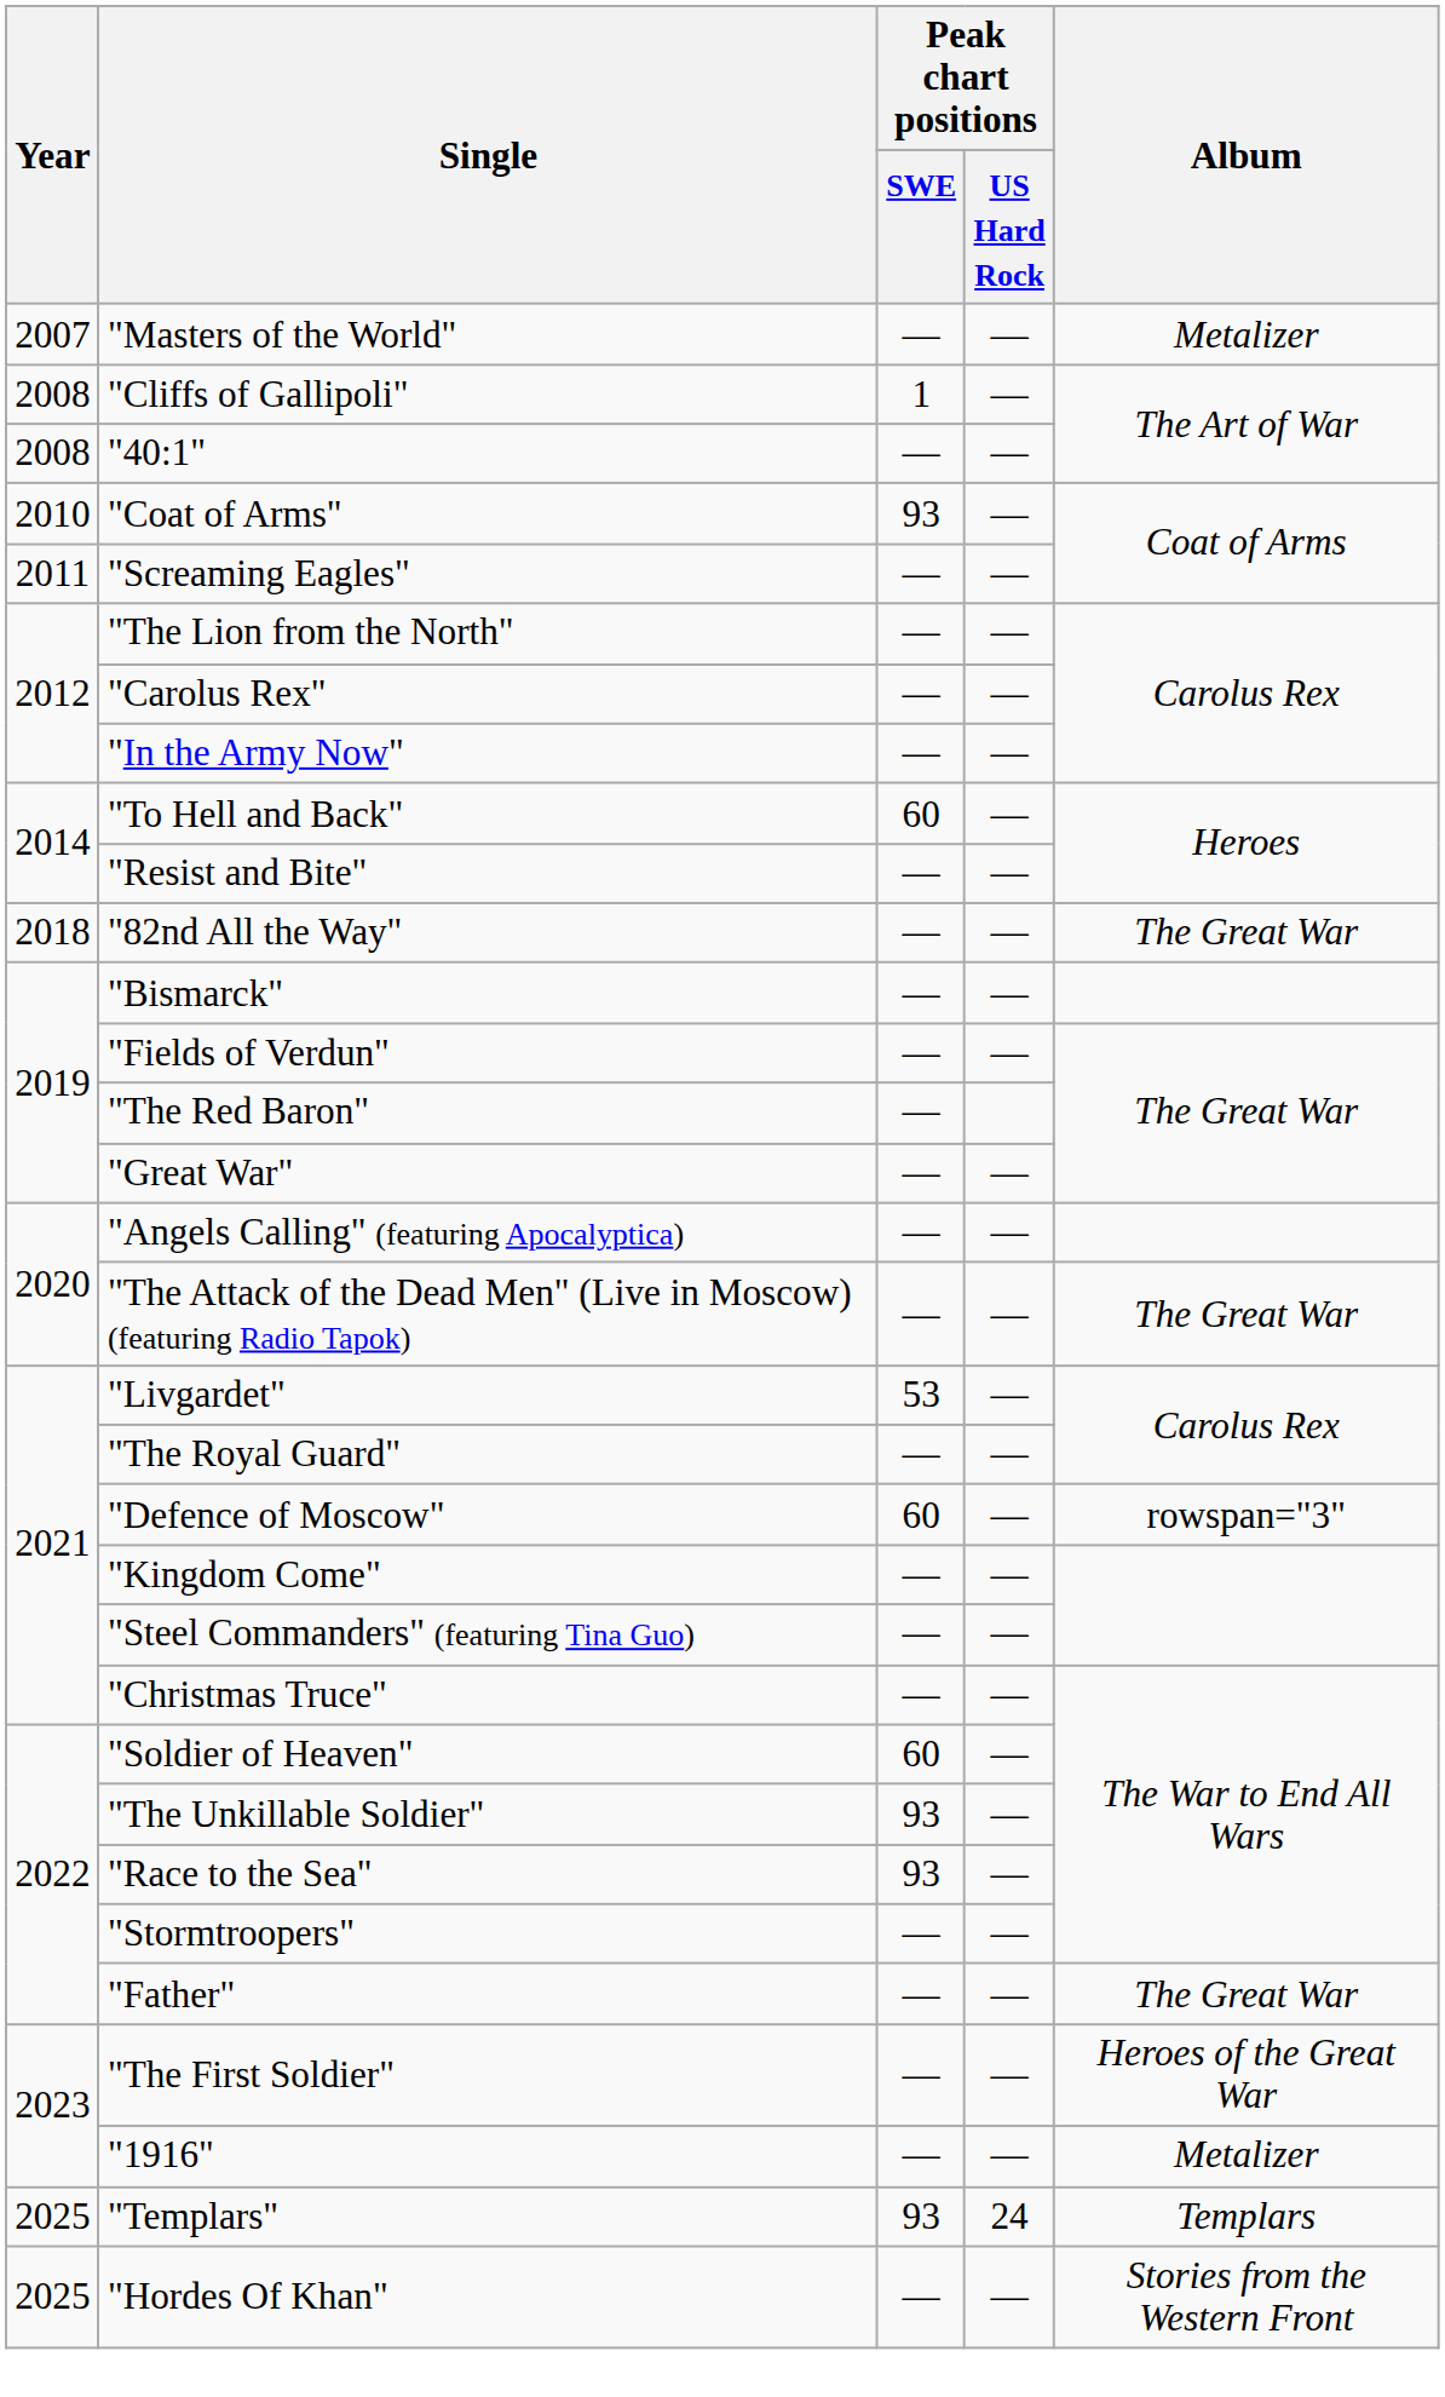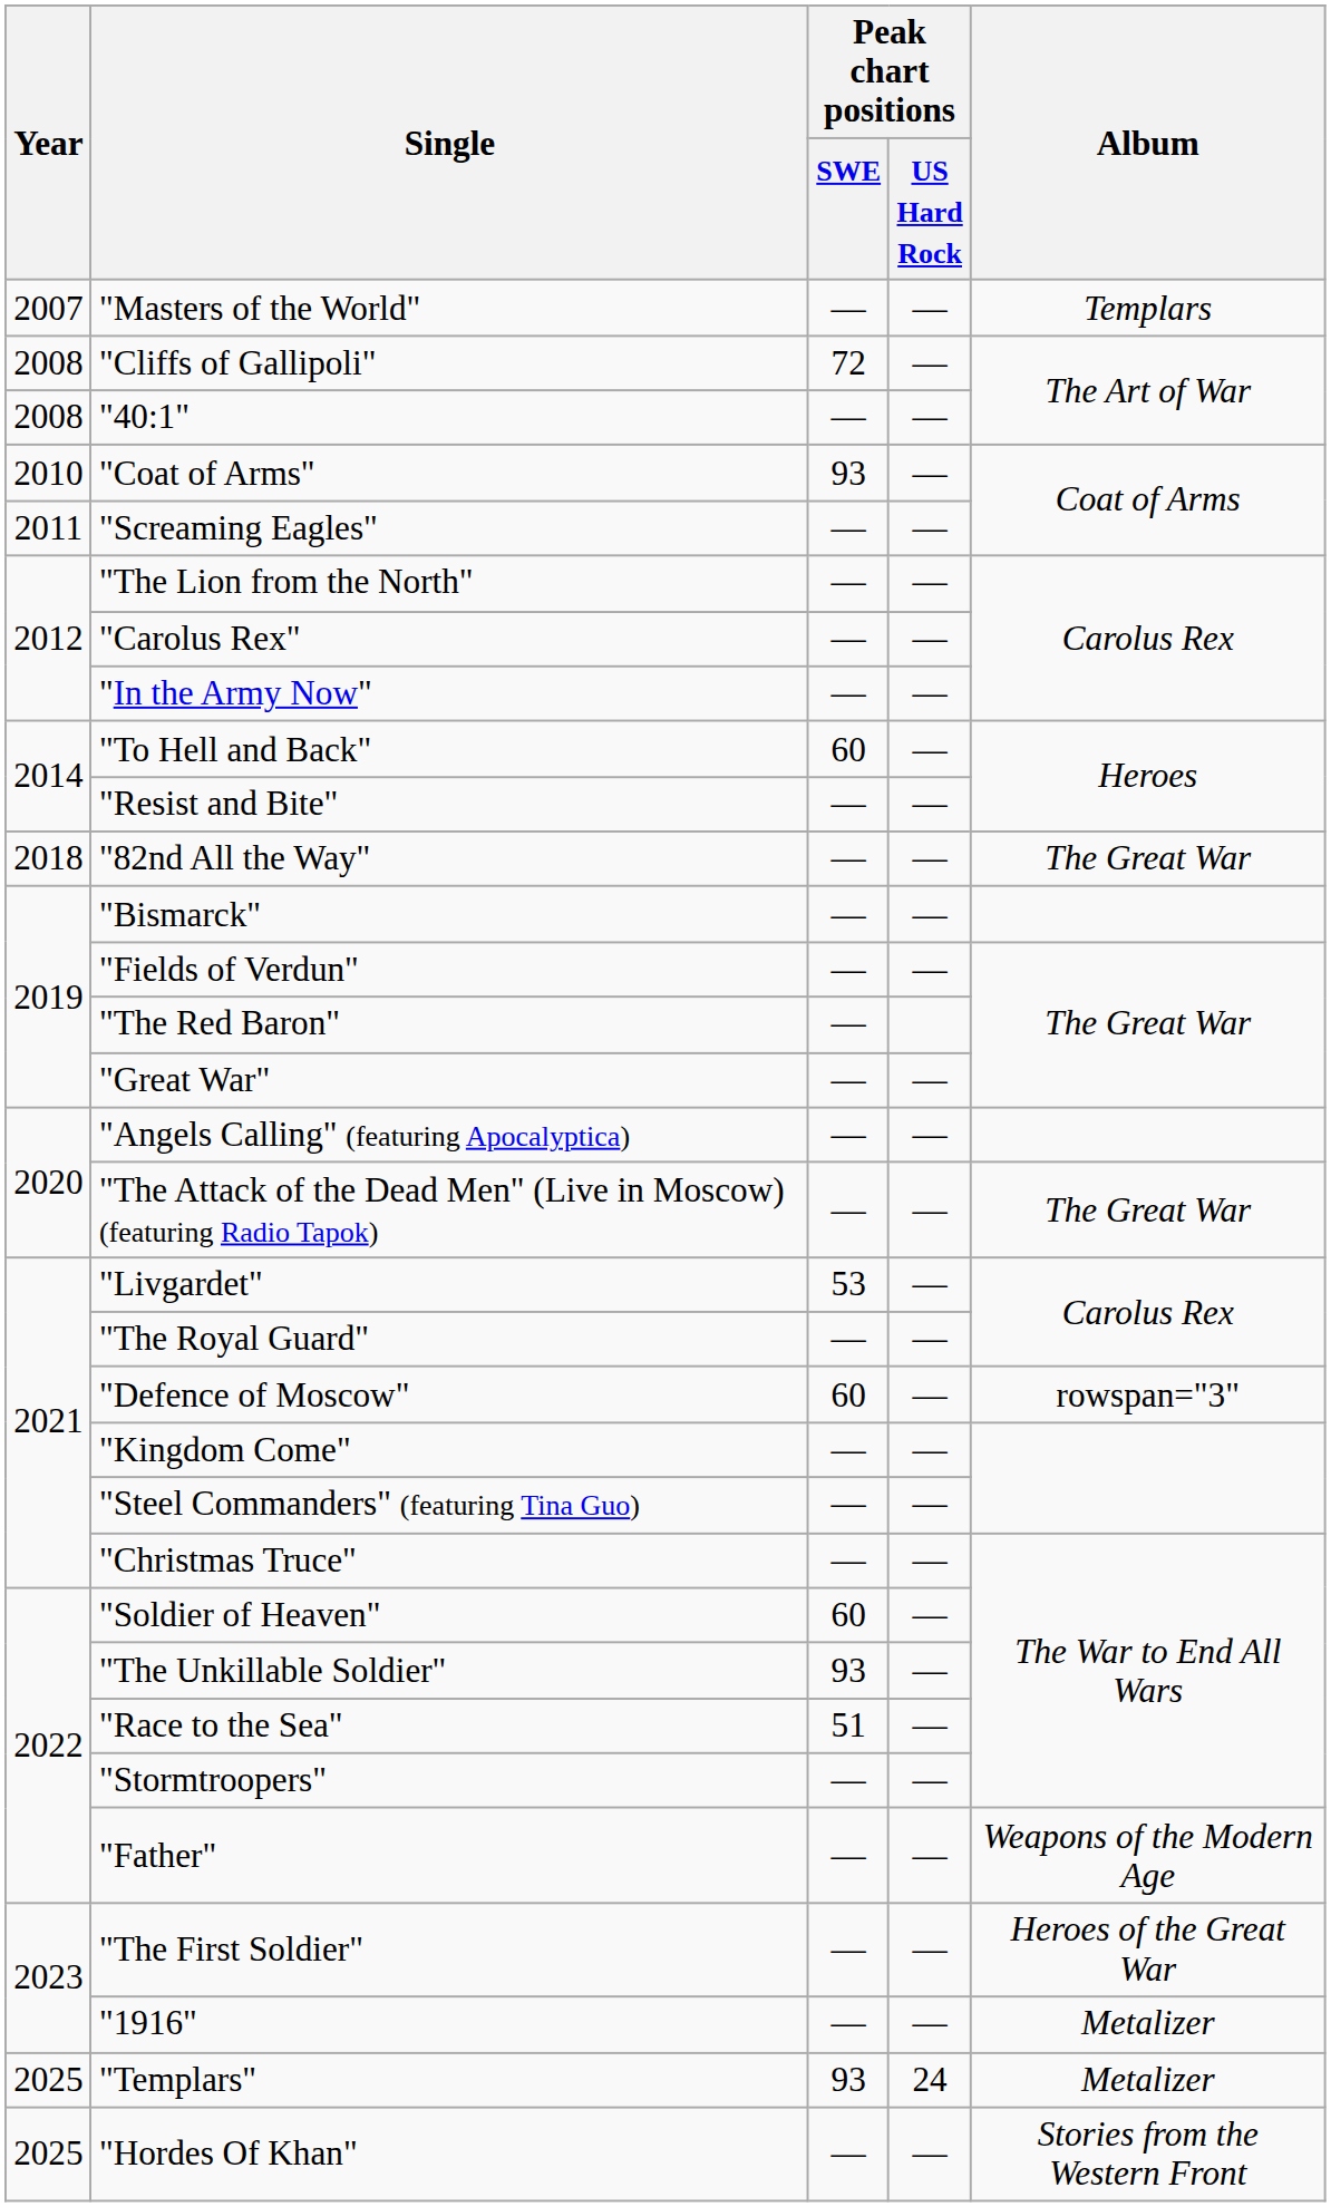 <table class=wikitable style=text-align:center;>
 <tr>
 <th rowspan=2>Year</th>
 <th rowspan=2>Single</th>
 <th colspan=2>Peak chart positions</th>
 <th rowspan=2>Album</th>
 </tr>
 <tr style="vertical-align:top;line-height:1.2">
 <th width=25px><small><a href='#'>SWE</a></small><br></th>
 <th width=25px><small><a href='#'>US Hard Rock</a></small></th>
 </tr>
 <tr>
 <td>2007</td>
 <td align=left>"Masters of the World"</td>
 <td>—</td>
 <td>—</td>
-<td><em>Metalizer</em></td>
+<td><em>Templars</em></td>
 </tr>
 <tr>
 <td>2008</td>
 <td align=left>"Cliffs of Gallipoli"</td>
-<td>1</td>
+<td>72<br></td>
 <td>—</td>
 <td rowspan=2><em>The Art of War</em></td>
 </tr>
 <tr>
 <td>2008</td>
 <td align=left>"40:1"</td>
 <td>—</td>
 <td>—</td>
 </tr>
 <tr>
 <td>2010</td>
 <td align=left>"Coat of Arms"</td>
 <td>93</td>
 <td>—</td>
 <td rowspan=2><em>Coat of Arms</em></td>
 </tr>
 <tr>
 <td>2011</td>
 <td align=left>"Screaming Eagles"</td>
 <td>—</td>
 <td>—</td>
 </tr>
 <tr>
 <td rowspan=3>2012</td>
 <td align=left>"The Lion from the North"</td>
 <td>—</td>
 <td>—</td>
 <td rowspan=3><em>Carolus Rex</em></td>
 </tr>
 <tr>
 <td align=left>"Carolus Rex"</td>
 <td>—</td>
 <td>—</td>
 </tr>
 <tr>
 <td align=left>"<a href='#'>In the Army Now</a>"</td>
 <td>—</td>
 <td>—</td>
 </tr>
 <tr>
 <td rowspan=2>2014</td>
 <td align=left>"To Hell and Back"</td>
 <td>60</td>
 <td>—</td>
 <td rowspan=2><em>Heroes</em></td>
 </tr>
 <tr>
 <td align=left>"Resist and Bite"</td>
 <td>—</td>
 <td>—</td>
 </tr>
 <tr>
 <td>2018</td>
 <td align=left>"82nd All the Way"</td>
 <td>—</td>
 <td>—</td>
 <td><em>The Great War</em></td>
 </tr>
 <tr>
 <td rowspan="4">2019</td>
 <td align=left>"Bismarck"</td>
 <td>—</td>
 <td>—</td>
 <td></td>
 </tr>
 <tr>
 <td align=left>"Fields of Verdun"</td>
 <td>—</td>
 <td>—</td>
 <td rowspan="3"><em>The Great War</em></td>
 </tr>
 <tr>
 <td align=left>"The Red Baron"</td>
 <td>—</td>
 </tr>
 <tr>
 <td align=left>"Great War"</td>
 <td>—</td>
 <td>—</td>
 </tr>
 <tr>
 <td rowspan="2">2020</td>
 <td align=left>"Angels Calling" <small>(featuring <a href='#'>Apocalyptica</a>)</small></td>
 <td>—</td>
 <td>—</td>
 <td></td>
 </tr>
 <tr>
 <td align=left>"The Attack of the Dead Men" (Live in Moscow) <small>(featuring <a href='#'>Radio Tapok</a>)</small></td>
 <td>—</td>
 <td>—</td>
 <td><em>The Great War</em></td>
 </tr>
 <tr>
 <td rowspan="6">2021</td>
 <td align=left>"Livgardet"</td>
 <td>53</td>
 <td>—</td>
 <td rowspan="2"><em>Carolus Rex</em></td>
 </tr>
 <tr>
 <td align=left>"The Royal Guard"</td>
 <td>—</td>
 <td>—</td>
 </tr>
 <tr>
 <td align=left>"Defence of Moscow"</td>
 <td>60</td>
 <td>—</td>
 <td>rowspan="3" </td>
 </tr>
 <tr>
 <td align=left>"Kingdom Come"</td>
 <td>—</td>
 <td>—</td>
 </tr>
 <tr>
 <td align=left>"Steel Commanders" <small>(featuring <a href='#'>Tina Guo</a>)</small></td>
 <td>—</td>
 <td>—</td>
 </tr>
 <tr>
 <td align=left>"Christmas Truce"</td>
 <td>—</td>
 <td>—</td>
 <td rowspan="5"><em>The War to End All Wars</em></td>
 </tr>
 <tr>
 <td rowspan="5">2022</td>
 <td align=left>"Soldier of Heaven"</td>
 <td>60</td>
 <td>—</td>
 </tr>
 <tr>
 <td align=left>"The Unkillable Soldier"</td>
 <td>93</td>
 <td>—</td>
 </tr>
 <tr>
 <td align=left>"Race to the Sea"</td>
-<td>93</td>
+<td>51</td>
 <td>—</td>
 </tr>
 <tr>
 <td align=left>"Stormtroopers"</td>
 <td>—</td>
 <td>—</td>
 </tr>
 <tr>
 <td align=left>"Father"</td>
 <td>—</td>
 <td>—</td>
-<td><em>The Great War</em></td>
+<td><em>Weapons of the Modern Age</em></td>
 </tr>
 <tr>
 <td rowspan="2">2023</td>
 <td align=left>"The First Soldier"</td>
 <td>—</td>
 <td>—</td>
 <td><em>Heroes of the Great War</em></td>
 </tr>
 <tr>
 <td align=left>"1916"</td>
 <td>—</td>
 <td>—</td>
 <td><em>Metalizer</em></td>
 </tr>
 <tr>
 <td>2025</td>
 <td align=left>"Templars"</td>
 <td>93</td>
 <td>24</td>
-<td><em>Templars</em></td>
+<td><em>Metalizer</em></td>
 </tr>
 <tr>
 <td>2025</td>
 <td align=left>"Hordes Of Khan"</td>
 <td>—</td>
 <td>—</td>
 <td><em>Stories from the Western Front</em></td>
 </tr>
 </table>
